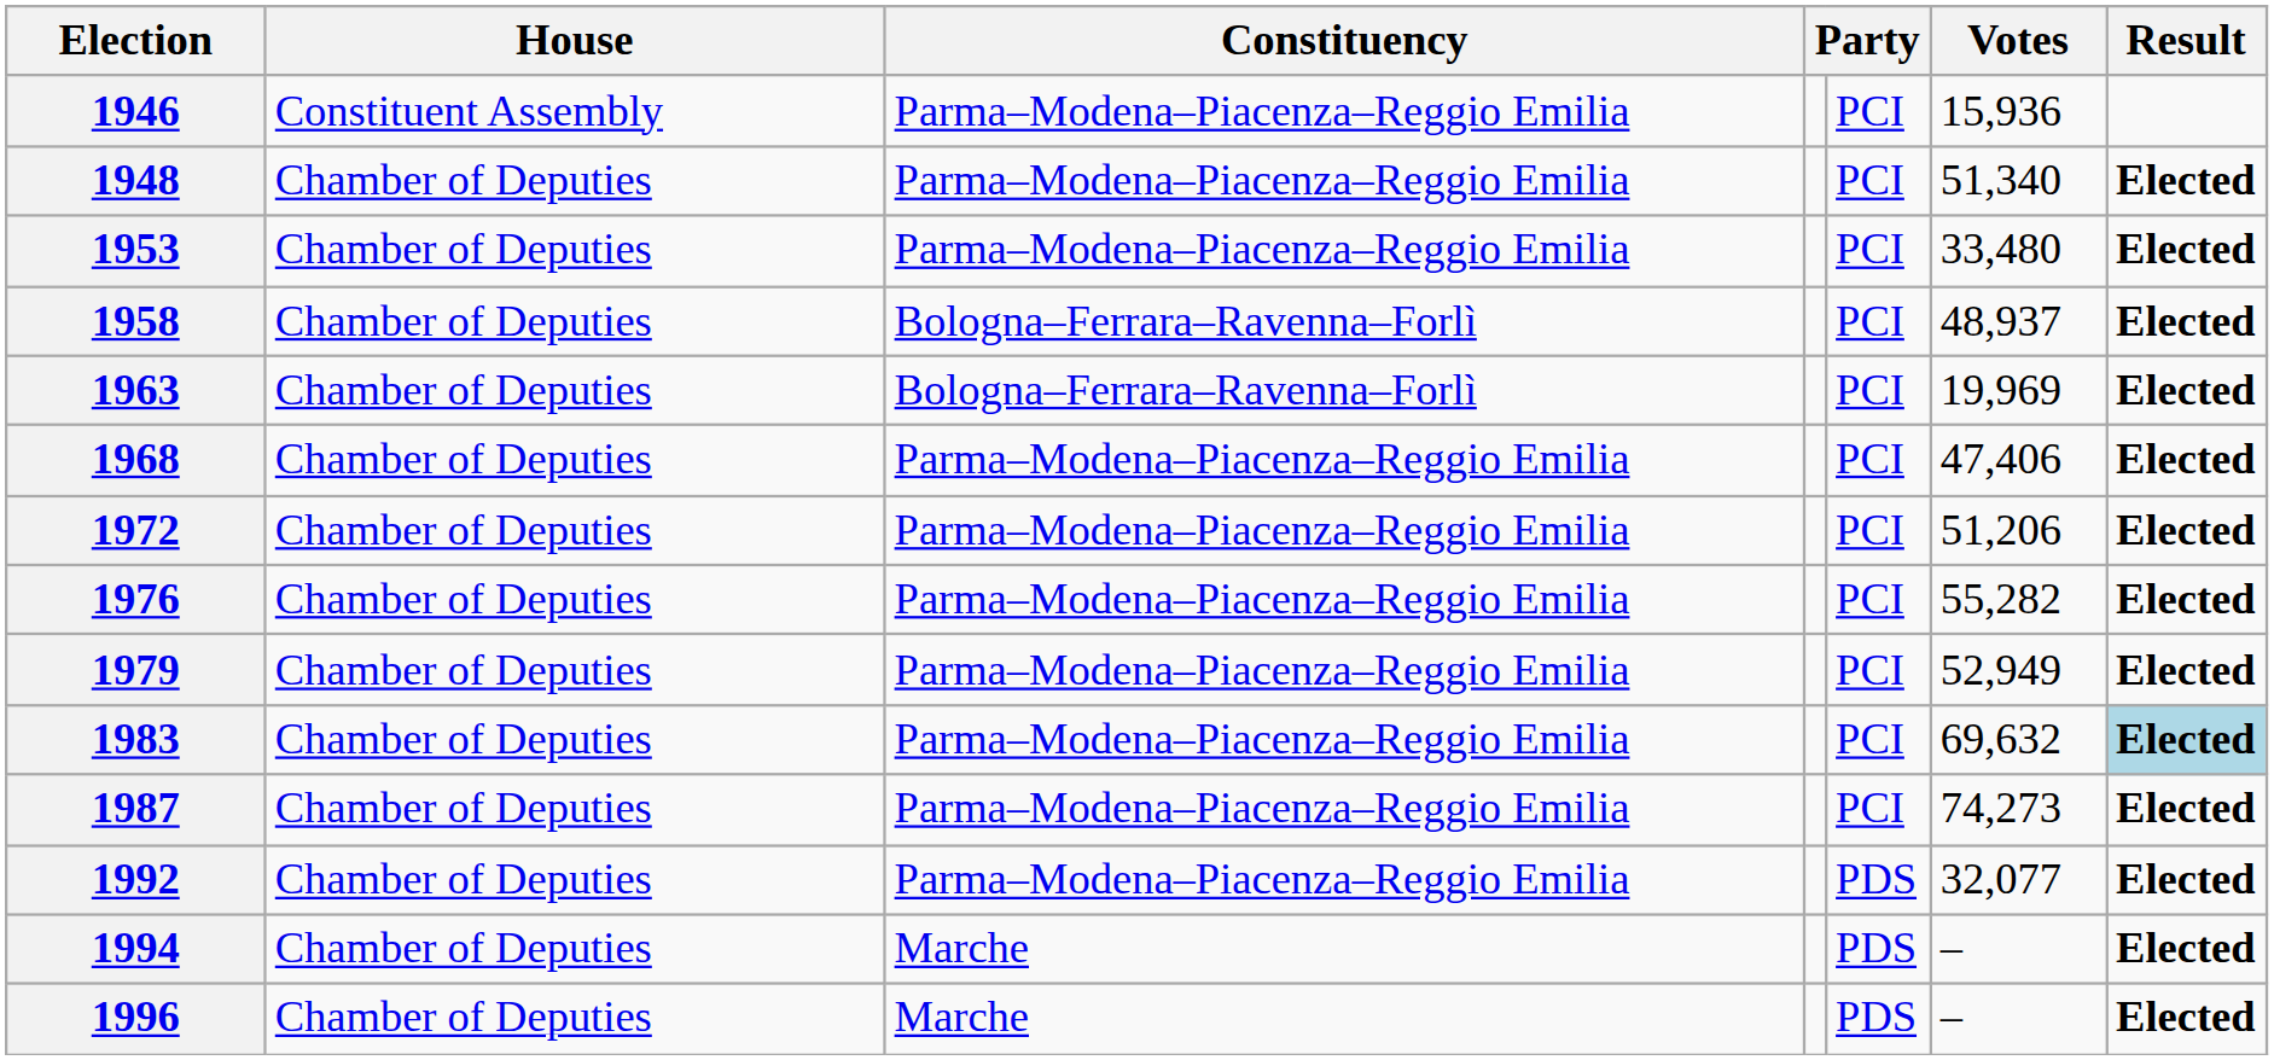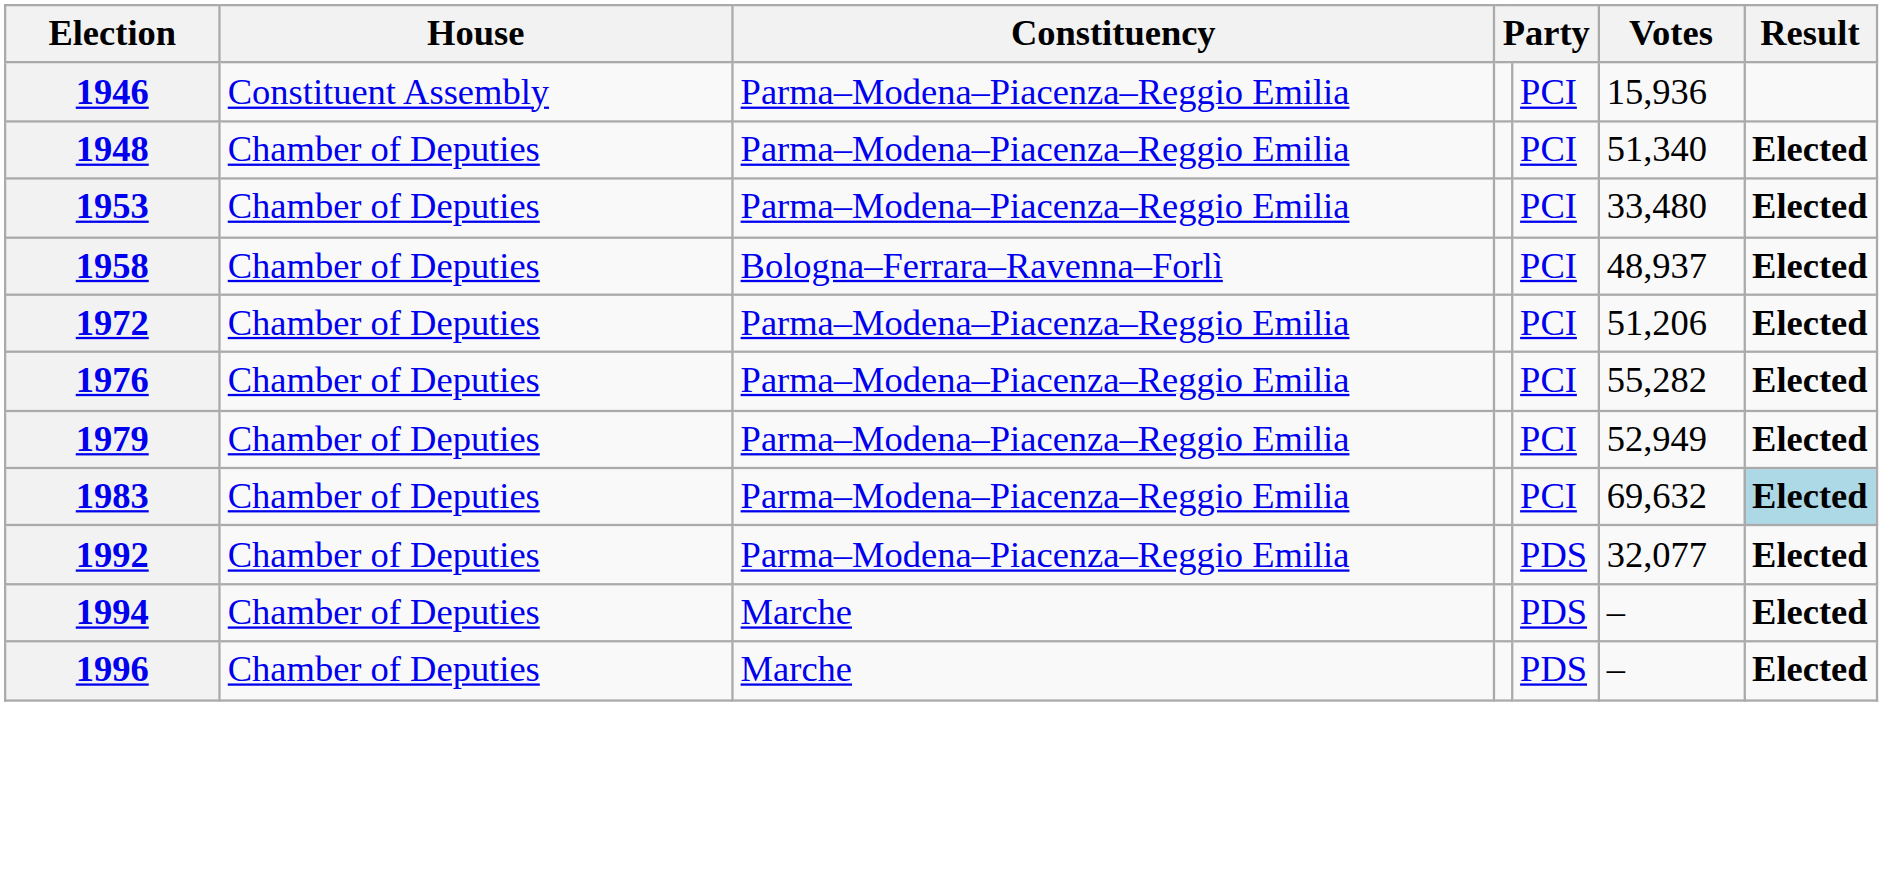 <table class=wikitable style="width:65%; border:1px #AAAAFF solid">
 <tr>
 <th width=12%>Election</th>
 <th width=30%>House</th>
 <th width=45%>Constituency</th>
 <th width=5% colspan="2">Party</th>
 <th width=12%>Votes</th>
 <th width=12%>Result</th>
 </tr>
 <tr>
 <th><a href='#'>1946</a></th>
 <td><a href='#'>Constituent Assembly</a></td>
 <td><a href='#'>Parma–Modena–Piacenza–Reggio Emilia</a></td>
 <td></td>
 <td><a href='#'>PCI</a></td>
 <td>15,936</td>
 <td></td>
 </tr>
 <tr>
 <th><a href='#'>1948</a></th>
 <td><a href='#'>Chamber of Deputies</a></td>
 <td><a href='#'>Parma–Modena–Piacenza–Reggio Emilia</a></td>
 <td></td>
 <td><a href='#'>PCI</a></td>
 <td>51,340</td>
 <td> <strong>Elected</strong></td>
 </tr>
 <tr>
 <th><a href='#'>1953</a></th>
 <td><a href='#'>Chamber of Deputies</a></td>
 <td><a href='#'>Parma–Modena–Piacenza–Reggio Emilia</a></td>
 <td></td>
 <td><a href='#'>PCI</a></td>
 <td>33,480</td>
 <td> <strong>Elected</strong></td>
 </tr>
 <tr>
 <th><a href='#'>1958</a></th>
 <td><a href='#'>Chamber of Deputies</a></td>
 <td><a href='#'>Bologna–Ferrara–Ravenna–Forlì</a></td>
 <td></td>
 <td><a href='#'>PCI</a></td>
 <td>48,937</td>
 <td> <strong>Elected</strong></td>
 </tr>
 <tr>
-<th><a href='#'>1963</a></th>
-<td><a href='#'>Chamber of Deputies</a></td>
-<td><a href='#'>Bologna–Ferrara–Ravenna–Forlì</a></td>
-<td></td>
-<td><a href='#'>PCI</a></td>
-<td>19,969</td>
-<td> <strong>Elected</strong></td>
-</tr>
-<tr>
-<th><a href='#'>1968</a></th>
-<td><a href='#'>Chamber of Deputies</a></td>
-<td><a href='#'>Parma–Modena–Piacenza–Reggio Emilia</a></td>
-<td></td>
-<td><a href='#'>PCI</a></td>
-<td>47,406</td>
-<td> <strong>Elected</strong></td>
-</tr>
-<tr>
 <th><a href='#'>1972</a></th>
 <td><a href='#'>Chamber of Deputies</a></td>
 <td><a href='#'>Parma–Modena–Piacenza–Reggio Emilia</a></td>
 <td></td>
 <td><a href='#'>PCI</a></td>
 <td>51,206</td>
 <td> <strong>Elected</strong></td>
 </tr>
 <tr>
 <th><a href='#'>1976</a></th>
 <td><a href='#'>Chamber of Deputies</a></td>
 <td><a href='#'>Parma–Modena–Piacenza–Reggio Emilia</a></td>
 <td></td>
 <td><a href='#'>PCI</a></td>
 <td>55,282</td>
 <td> <strong>Elected</strong></td>
 </tr>
 <tr>
 <th><a href='#'>1979</a></th>
 <td><a href='#'>Chamber of Deputies</a></td>
 <td><a href='#'>Parma–Modena–Piacenza–Reggio Emilia</a></td>
 <td></td>
 <td><a href='#'>PCI</a></td>
 <td>52,949</td>
 <td> <strong>Elected</strong></td>
 </tr>
 <tr>
 <th><a href='#'>1983</a></th>
 <td><a href='#'>Chamber of Deputies</a></td>
 <td><a href='#'>Parma–Modena–Piacenza–Reggio Emilia</a></td>
 <td></td>
 <td><a href='#'>PCI</a></td>
 <td>69,632</td>
 <td style="background: lightblue;"> <strong>Elected</strong></td>
 </tr>
 <tr>
-<th><a href='#'>1987</a></th>
-<td><a href='#'>Chamber of Deputies</a></td>
-<td><a href='#'>Parma–Modena–Piacenza–Reggio Emilia</a></td>
-<td></td>
-<td><a href='#'>PCI</a></td>
-<td>74,273</td>
-<td> <strong>Elected</strong></td>
-</tr>
-<tr>
 <th><a href='#'>1992</a></th>
 <td><a href='#'>Chamber of Deputies</a></td>
 <td><a href='#'>Parma–Modena–Piacenza–Reggio Emilia</a></td>
 <td></td>
 <td><a href='#'>PDS</a></td>
 <td>32,077</td>
 <td> <strong>Elected</strong></td>
 </tr>
 <tr>
 <th><a href='#'>1994</a></th>
 <td><a href='#'>Chamber of Deputies</a></td>
 <td><a href='#'>Marche</a></td>
 <td></td>
 <td><a href='#'>PDS</a></td>
 <td>–</td>
 <td> <strong>Elected</strong></td>
 </tr>
 <tr>
 <th><a href='#'>1996</a></th>
 <td><a href='#'>Chamber of Deputies</a></td>
 <td><a href='#'>Marche</a></td>
 <td></td>
 <td><a href='#'>PDS</a></td>
 <td>–</td>
 <td> <strong>Elected</strong></td>
 </tr>
 </table>
